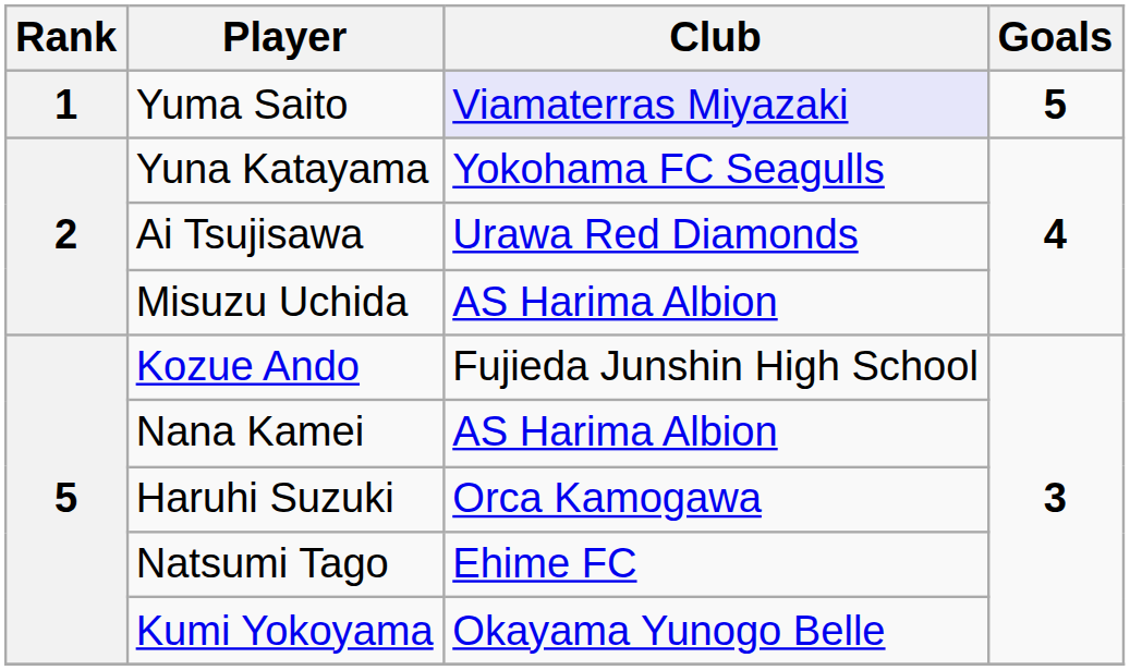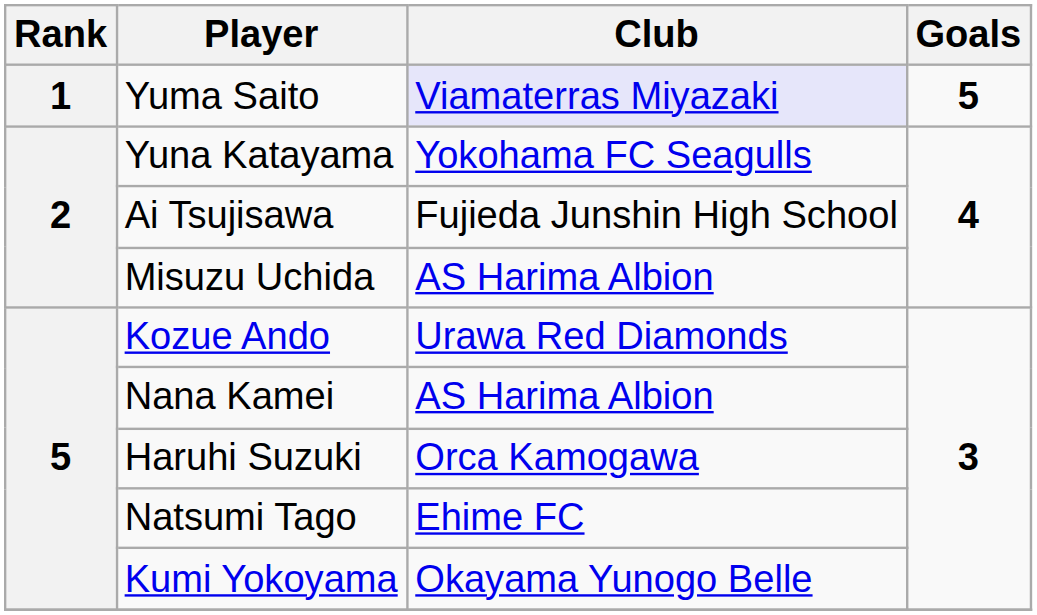 <table class="wikitable" style="text-align:center">
 <tr>
 <th>Rank</th>
 <th>Player</th>
 <th>Club</th>
 <th>Goals</th>
 </tr>
 <tr>
 <th rowspan=1>1</th>
 <td align="left"> Yuma Saito</td>
 <td align="left" style="background: lavender;"><a href='#'>Viamaterras Miyazaki</a></td>
 <td rowspan=1><strong>5</strong></td>
 </tr>
 <tr>
 <th rowspan=3>2</th>
 <td align="left"> Yuna Katayama</td>
 <td align="left"><a href='#'>Yokohama FC Seagulls</a></td>
 <td rowspan=3><strong>4</strong></td>
 </tr>
 <tr>
 <td align="left"> Ai Tsujisawa</td>
-<td align="left"><a href='#'>Urawa Red Diamonds</a></td>
+<td align="left">Fujieda Junshin High School</td>
 </tr>
 <tr>
 <td align="left"> Misuzu Uchida</td>
 <td align="left"><a href='#'>AS Harima Albion</a></td>
 </tr>
 <tr>
 <th rowspan=5>5</th>
 <td align="left"> <a href='#'>Kozue Ando</a></td>
-<td align="left">Fujieda Junshin High School</td>
+<td align="left"><a href='#'>Urawa Red Diamonds</a></td>
 <td rowspan=5><strong>3</strong></td>
 </tr>
 <tr>
 <td align="left"> Nana Kamei</td>
 <td align="left"><a href='#'>AS Harima Albion</a></td>
 </tr>
 <tr>
 <td align="left"> Haruhi Suzuki</td>
 <td align="left"><a href='#'>Orca Kamogawa</a></td>
 </tr>
 <tr>
 <td align="left"> Natsumi Tago</td>
 <td align="left"><a href='#'>Ehime FC</a></td>
 </tr>
 <tr>
 <td align="left"> <a href='#'>Kumi Yokoyama</a></td>
 <td align="left"><a href='#'>Okayama Yunogo Belle</a></td>
 </tr>
 <tr>
 </tr>
 </table>
